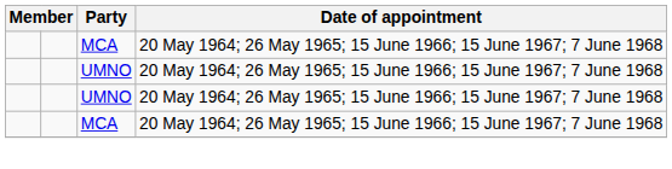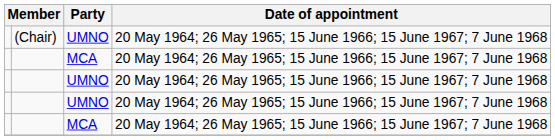 <table class="sortable wikitable">
 <tr>
 <th colspan="2" valign="top">Member</th>
 <th valign="top">Party</th>
 <th valign="top">Date of appointment</th>
+</tr>
+<tr>
+<td></td>
+<td> (Chair)</td>
+<td><a href='#'>UMNO</a></td>
+<td>20 May 1964; 26 May 1965; 15 June 1966; 15 June 1967; 7 June 1968</td>
 </tr>
 <tr>
 <td></td>
 <td></td>
 <td><a href='#'>MCA</a></td>
 <td>20 May 1964; 26 May 1965; 15 June 1966; 15 June 1967; 7 June 1968</td>
 </tr>
 <tr>
 <td></td>
 <td></td>
 <td><a href='#'>UMNO</a></td>
 <td>20 May 1964; 26 May 1965; 15 June 1966; 15 June 1967; 7 June 1968</td>
 </tr>
 <tr>
 <td></td>
 <td></td>
 <td><a href='#'>UMNO</a></td>
 <td>20 May 1964; 26 May 1965; 15 June 1966; 15 June 1967; 7 June 1968</td>
 </tr>
 <tr>
 <td></td>
 <td></td>
 <td><a href='#'>MCA</a></td>
 <td>20 May 1964; 26 May 1965; 15 June 1966; 15 June 1967; 7 June 1968</td>
 </tr>
 <tr>
 </tr>
 </table>
